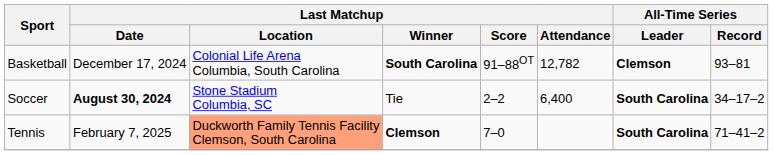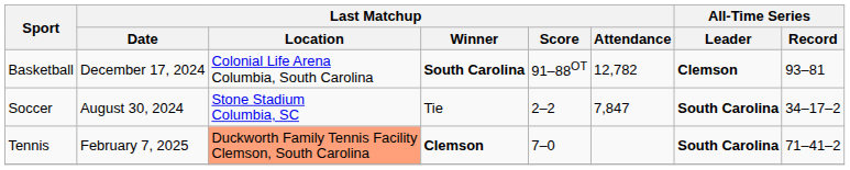 <table class="wikitable" style="text-align:left; font-size: 95%;">
 <tr>
 <th rowspan=2>Sport</th>
 <th colspan=5>Last Matchup</th>
 <th colspan=2>All-Time Series</th>
 </tr>
 <tr>
 <th>Date</th>
 <th>Location</th>
 <th>Winner</th>
 <th>Score</th>
 <th>Attendance</th>
 <th>Leader</th>
 <th>Record</th>
 </tr>
 <tr>
 <td>Basketball</td>
 <td>December 17, 2024</td>
 <td><a href='#'>Colonial Life Arena</a><br>Columbia, South Carolina</td>
 <td style=><strong>South Carolina</strong></td>
 <td>91–88<sup>OT</sup></td>
 <td>12,782</td>
 <td style=><strong>Clemson</strong></td>
 <td>93–81</td>
 </tr>
 <tr>
 <td>Soccer</td>
-<td><strong>August 30, 2024</strong></td>
+<td>August 30, 2024</td>
 <td><a href='#'>Stone Stadium</a><br><a href='#'>Columbia, SC</a></td>
 <td>Tie</td>
 <td>2–2</td>
-<td>6,400</td>
+<td>7,847</td>
 <td><strong>South Carolina</strong></td>
 <td>34–17–2</td>
 </tr>
 <tr>
 <td>Tennis</td>
 <td>February 7, 2025</td>
 <td style="background: lightsalmon;">Duckworth Family Tennis Facility<br>Clemson, South Carolina</td>
 <td style=><strong>Clemson</strong></td>
 <td>7–0</td>
 <td></td>
 <td><strong>South Carolina</strong></td>
 <td>71–41–2</td>
 </tr>
 <tr>
 </tr>
 </table>
